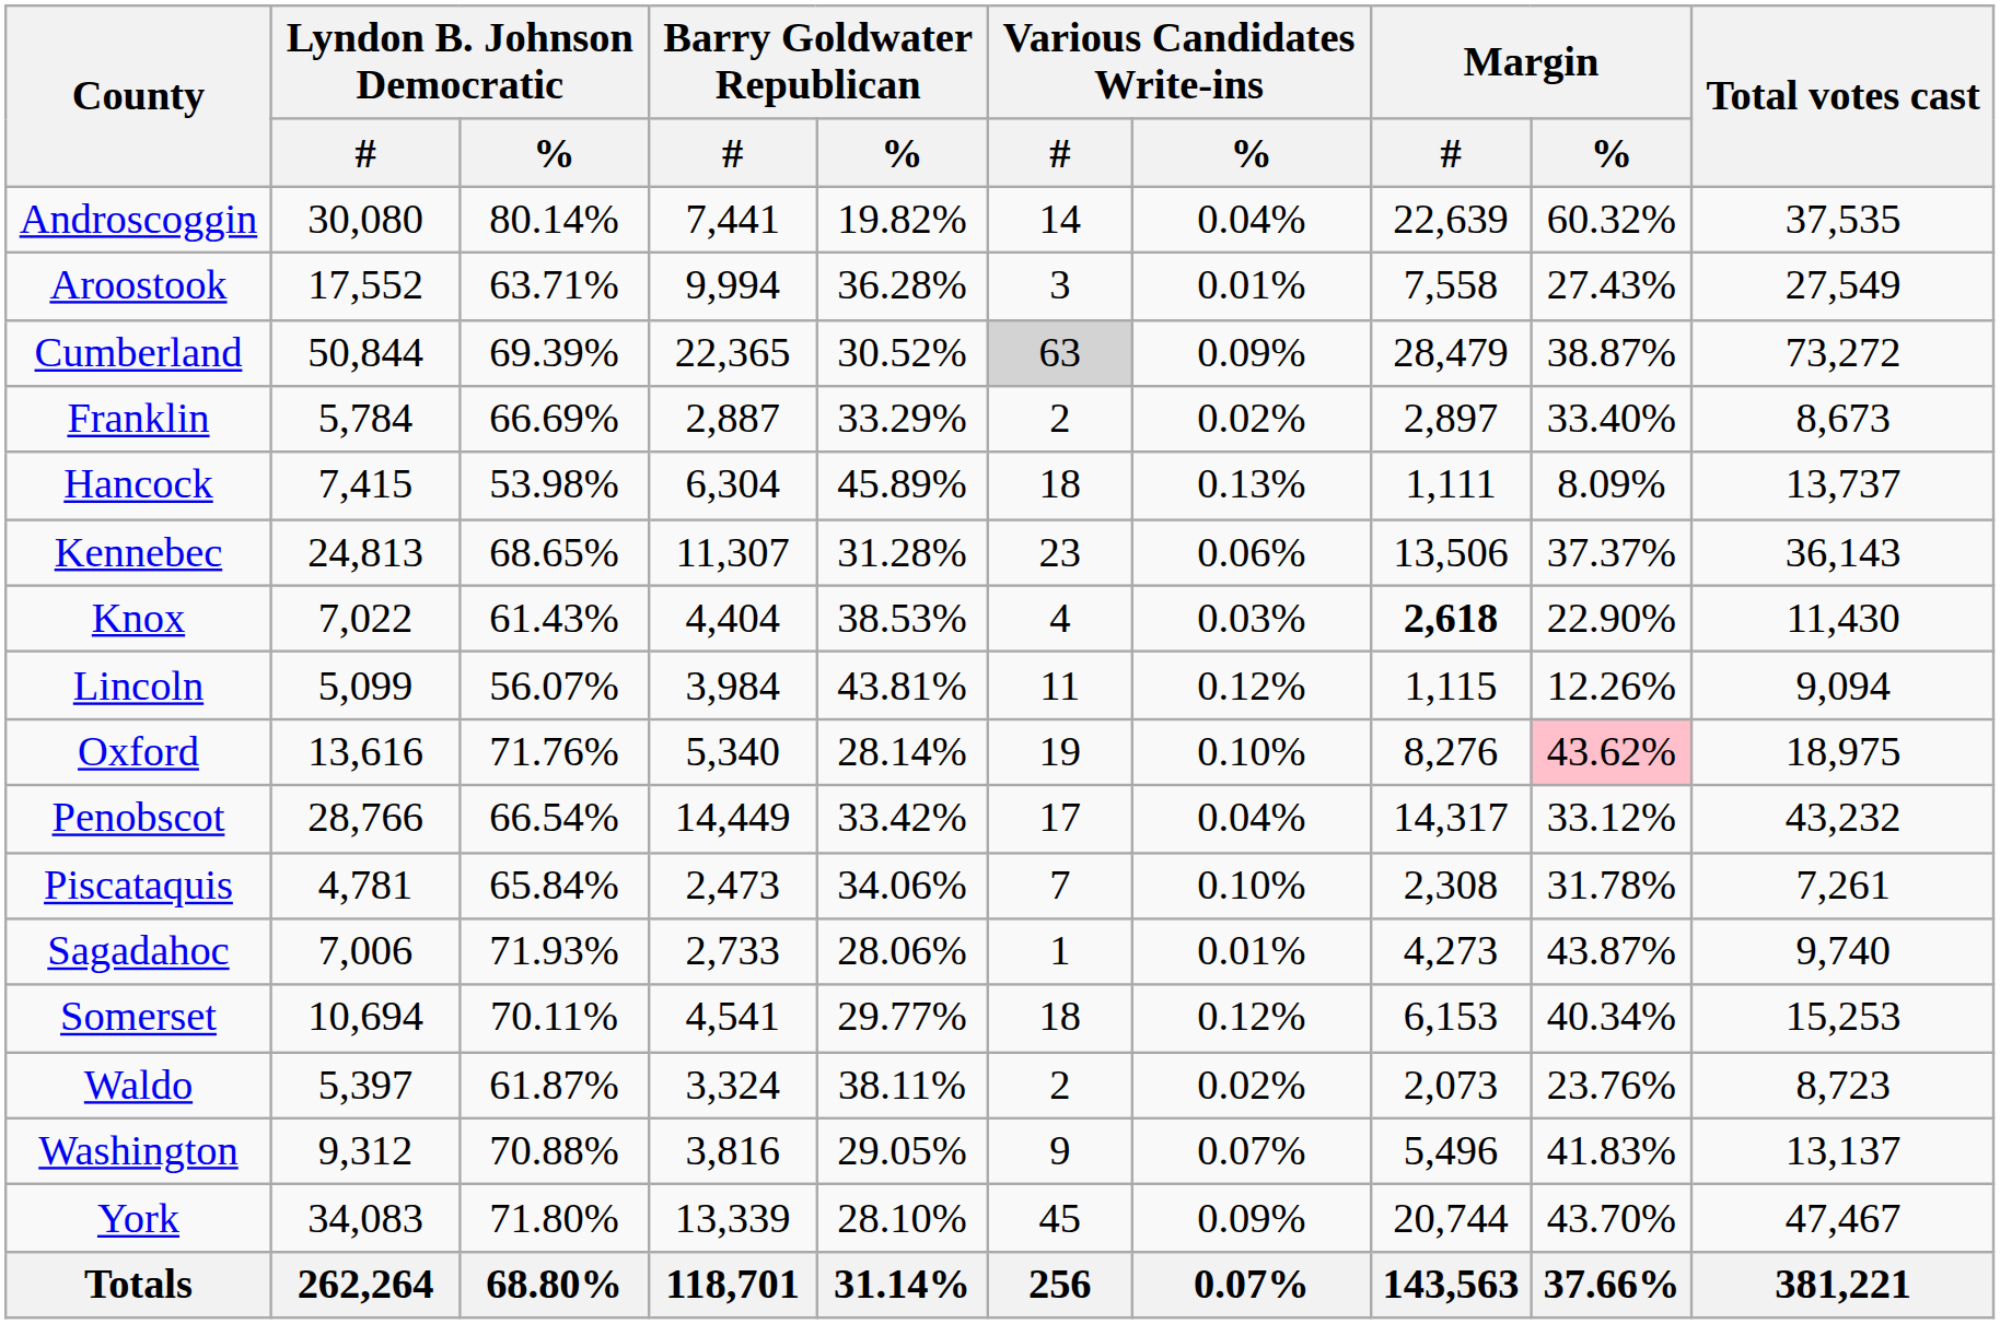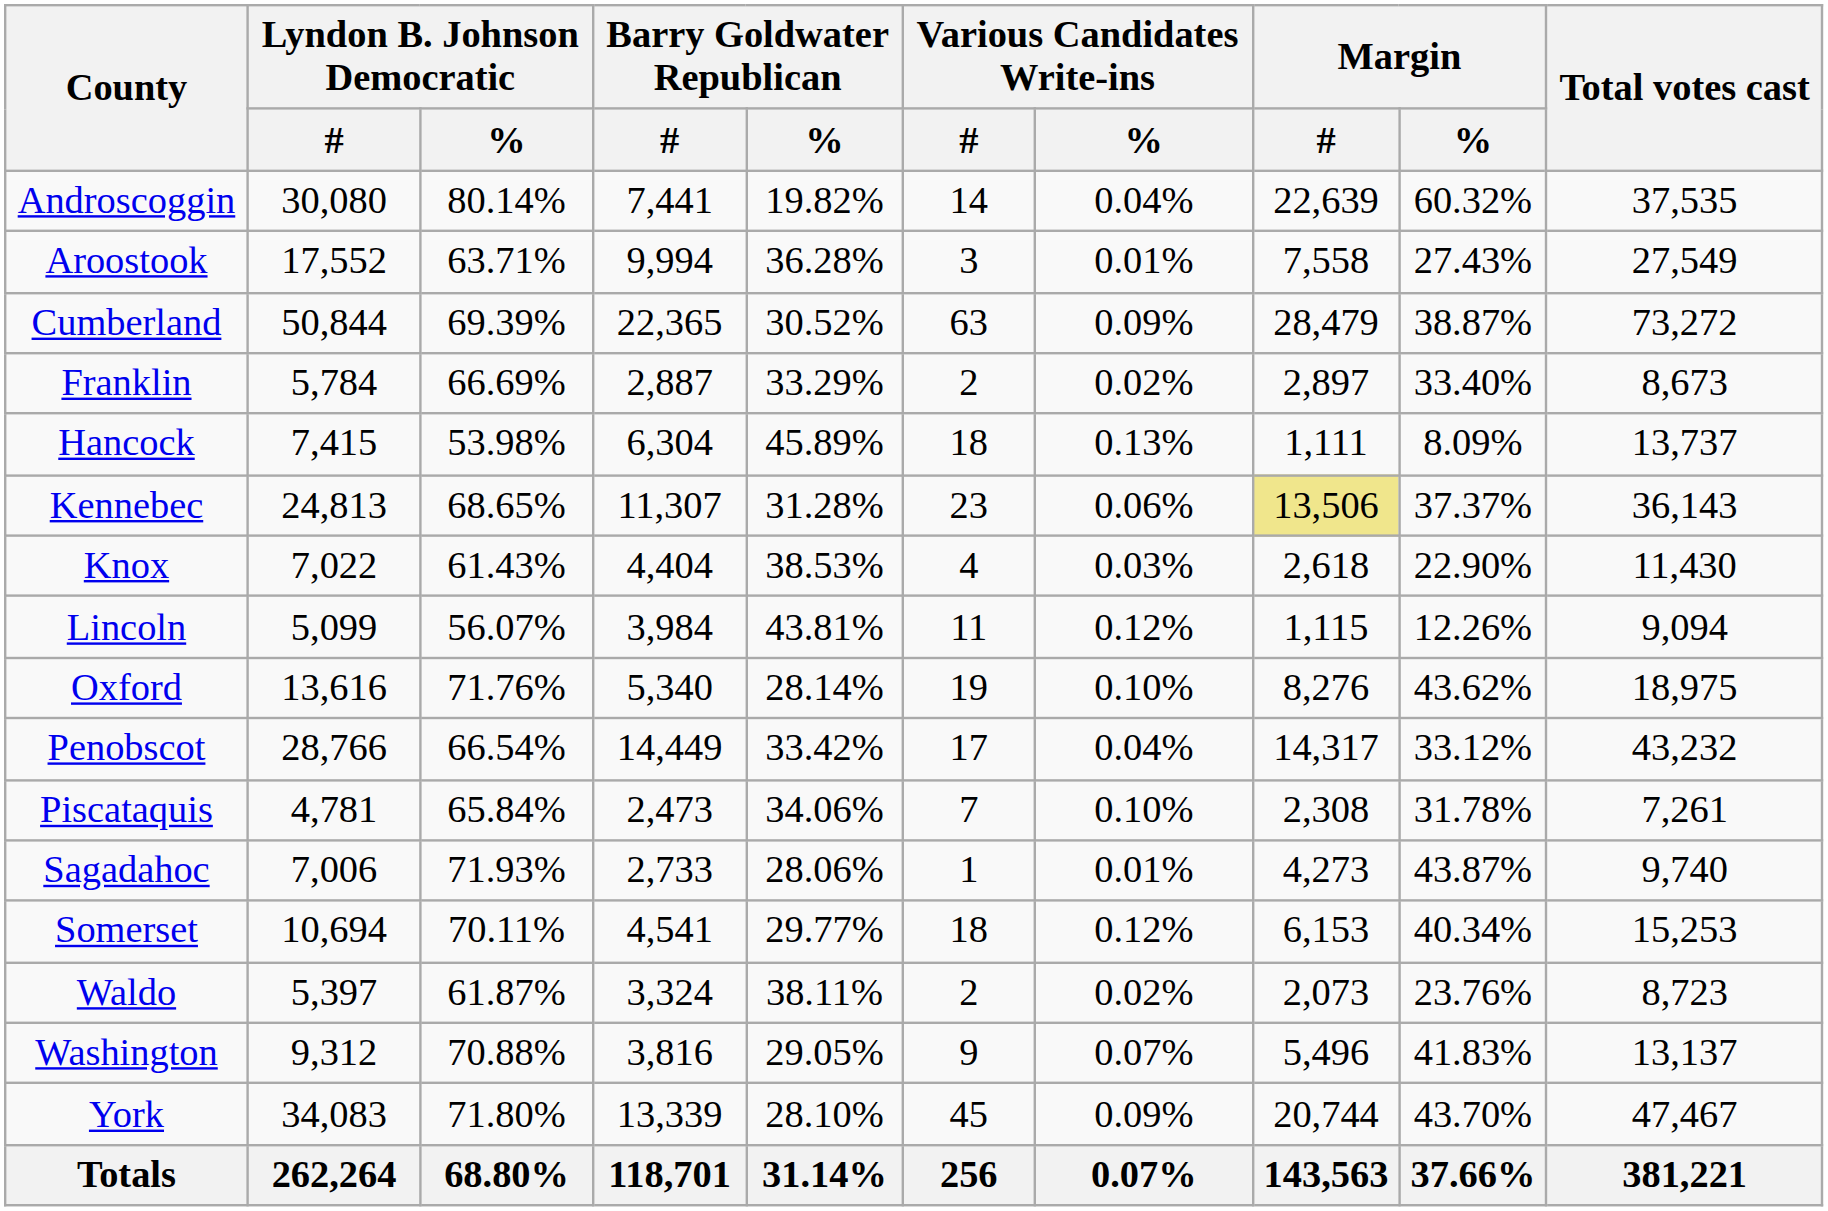 <table width="60%"  class="wikitable sortable" style="text-align:center">
 <tr>
 <th style="text-align:center;" rowspan="2">County</th>
 <th style="text-align:center;" colspan="2">Lyndon B. Johnson<br>Democratic</th>
 <th style="text-align:center;" colspan="2">Barry Goldwater<br>Republican</th>
 <th style="text-align:center;" colspan="2">Various Candidates<br>Write-ins</th>
 <th style="text-align:center;" colspan="2">Margin</th>
 <th style="text-align:center;" rowspan="2">Total votes cast</th>
 </tr>
 <tr>
 <th style="text-align:center;" data-sort-type="number">#</th>
 <th style="text-align:center;" data-sort-type="number">%</th>
 <th style="text-align:center;" data-sort-type="number">#</th>
 <th style="text-align:center;" data-sort-type="number">%</th>
 <th style="text-align:center;" data-sort-type="number">#</th>
 <th style="text-align:center;" data-sort-type="number">%</th>
 <th style="text-align:center;" data-sort-type="number">#</th>
 <th style="text-align:center;" data-sort-type="number">%</th>
 </tr>
 <tr style="text-align:center;">
 <td><a href='#'>Androscoggin</a></td>
 <td>30,080</td>
 <td>80.14%</td>
 <td>7,441</td>
 <td>19.82%</td>
 <td>14</td>
 <td>0.04%</td>
 <td>22,639</td>
 <td>60.32%</td>
 <td>37,535</td>
 </tr>
 <tr style="text-align:center;">
 <td><a href='#'>Aroostook</a></td>
 <td>17,552</td>
 <td>63.71%</td>
 <td>9,994</td>
 <td>36.28%</td>
 <td>3</td>
 <td>0.01%</td>
 <td>7,558</td>
 <td>27.43%</td>
 <td>27,549</td>
 </tr>
 <tr style="text-align:center;">
 <td><a href='#'>Cumberland</a></td>
 <td>50,844</td>
 <td>69.39%</td>
 <td>22,365</td>
 <td>30.52%</td>
-<td style="background: lightgrey;">63</td>
+<td>63</td>
 <td>0.09%</td>
 <td>28,479</td>
 <td>38.87%</td>
 <td>73,272</td>
 </tr>
 <tr style="text-align:center;">
 <td><a href='#'>Franklin</a></td>
 <td>5,784</td>
 <td>66.69%</td>
 <td>2,887</td>
 <td>33.29%</td>
 <td>2</td>
 <td>0.02%</td>
 <td>2,897</td>
 <td>33.40%</td>
 <td>8,673</td>
 </tr>
 <tr style="text-align:center;">
 <td><a href='#'>Hancock</a></td>
 <td>7,415</td>
 <td>53.98%</td>
 <td>6,304</td>
 <td>45.89%</td>
 <td>18</td>
 <td>0.13%</td>
 <td>1,111</td>
 <td>8.09%</td>
 <td>13,737</td>
 </tr>
 <tr style="text-align:center;">
 <td><a href='#'>Kennebec</a></td>
 <td>24,813</td>
 <td>68.65%</td>
 <td>11,307</td>
 <td>31.28%</td>
 <td>23</td>
 <td>0.06%</td>
-<td>13,506</td>
+<td style="background: khaki;">13,506</td>
 <td>37.37%</td>
 <td>36,143</td>
 </tr>
 <tr style="text-align:center;">
 <td><a href='#'>Knox</a></td>
 <td>7,022</td>
 <td>61.43%</td>
 <td>4,404</td>
 <td>38.53%</td>
 <td>4</td>
 <td>0.03%</td>
-<td><strong>2,618</strong></td>
+<td>2,618</td>
 <td>22.90%</td>
 <td>11,430</td>
 </tr>
 <tr style="text-align:center;">
 <td><a href='#'>Lincoln</a></td>
 <td>5,099</td>
 <td>56.07%</td>
 <td>3,984</td>
 <td>43.81%</td>
 <td>11</td>
 <td>0.12%</td>
 <td>1,115</td>
 <td>12.26%</td>
 <td>9,094</td>
 </tr>
 <tr style="text-align:center;">
 <td><a href='#'>Oxford</a></td>
 <td>13,616</td>
 <td>71.76%</td>
 <td>5,340</td>
 <td>28.14%</td>
 <td>19</td>
 <td>0.10%</td>
 <td>8,276</td>
-<td style="background: pink;">43.62%</td>
+<td>43.62%</td>
 <td>18,975</td>
 </tr>
 <tr style="text-align:center;">
 <td><a href='#'>Penobscot</a></td>
 <td>28,766</td>
 <td>66.54%</td>
 <td>14,449</td>
 <td>33.42%</td>
 <td>17</td>
 <td>0.04%</td>
 <td>14,317</td>
 <td>33.12%</td>
 <td>43,232</td>
 </tr>
 <tr style="text-align:center;">
 <td><a href='#'>Piscataquis</a></td>
 <td>4,781</td>
 <td>65.84%</td>
 <td>2,473</td>
 <td>34.06%</td>
 <td>7</td>
 <td>0.10%</td>
 <td>2,308</td>
 <td>31.78%</td>
 <td>7,261</td>
 </tr>
 <tr style="text-align:center;">
 <td><a href='#'>Sagadahoc</a></td>
 <td>7,006</td>
 <td>71.93%</td>
 <td>2,733</td>
 <td>28.06%</td>
 <td>1</td>
 <td>0.01%</td>
 <td>4,273</td>
 <td>43.87%</td>
 <td>9,740</td>
 </tr>
 <tr style="text-align:center;">
 <td><a href='#'>Somerset</a></td>
 <td>10,694</td>
 <td>70.11%</td>
 <td>4,541</td>
 <td>29.77%</td>
 <td>18</td>
 <td>0.12%</td>
 <td>6,153</td>
 <td>40.34%</td>
 <td>15,253</td>
 </tr>
 <tr style="text-align:center;">
 <td><a href='#'>Waldo</a></td>
 <td>5,397</td>
 <td>61.87%</td>
 <td>3,324</td>
 <td>38.11%</td>
 <td>2</td>
 <td>0.02%</td>
 <td>2,073</td>
 <td>23.76%</td>
 <td>8,723</td>
 </tr>
 <tr style="text-align:center;">
 <td><a href='#'>Washington</a></td>
 <td>9,312</td>
 <td>70.88%</td>
 <td>3,816</td>
 <td>29.05%</td>
 <td>9</td>
 <td>0.07%</td>
 <td>5,496</td>
 <td>41.83%</td>
 <td>13,137</td>
 </tr>
 <tr style="text-align:center;">
 <td><a href='#'>York</a></td>
 <td>34,083</td>
 <td>71.80%</td>
 <td>13,339</td>
 <td>28.10%</td>
 <td>45</td>
 <td>0.09%</td>
 <td>20,744</td>
 <td>43.70%</td>
 <td>47,467</td>
 </tr>
 <tr style="text-align:center;">
 <th>Totals</th>
 <th>262,264</th>
 <th>68.80%</th>
 <th>118,701</th>
 <th>31.14%</th>
 <th>256</th>
 <th>0.07%</th>
 <th>143,563</th>
 <th>37.66%</th>
 <th>381,221</th>
 </tr>
 </table>
